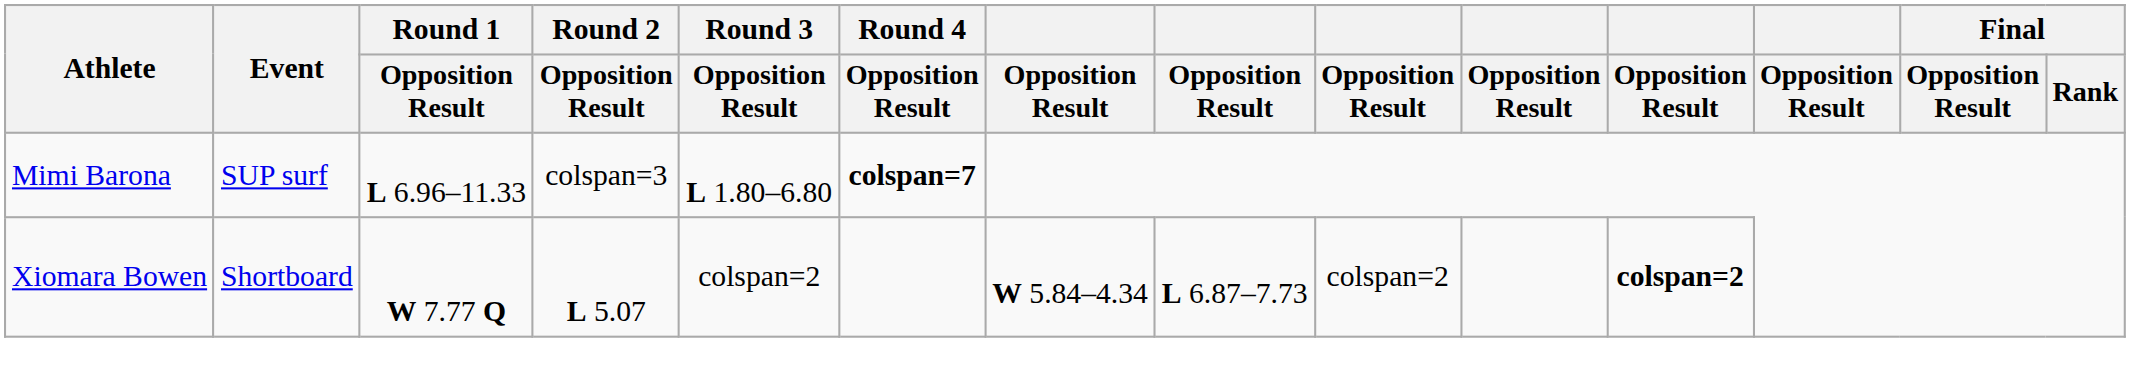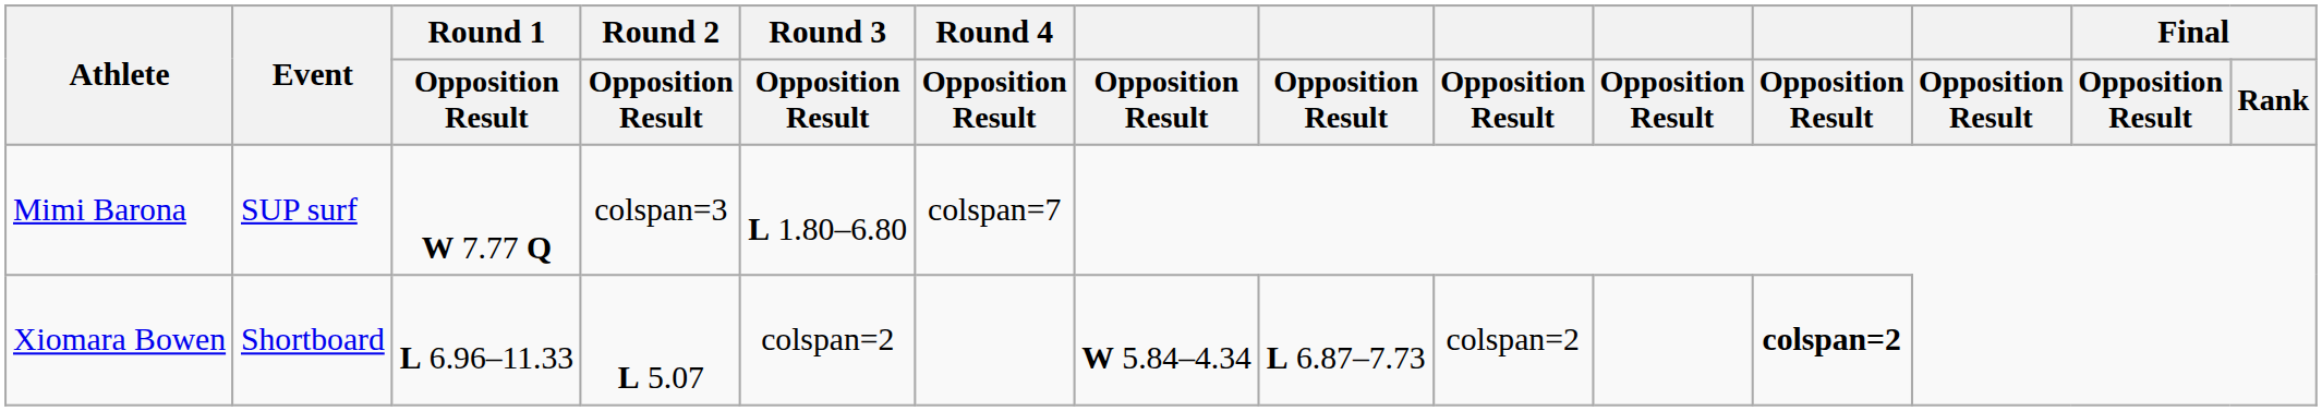 <table class=wikitable style=font-size:90%;text-align:center>
 <tr>
 <th rowspan=2>Athlete</th>
 <th rowspan=2>Event</th>
 <th>Round 1</th>
 <th>Round 2</th>
 <th>Round 3</th>
 <th>Round 4</th>
 <th></th>
 <th></th>
 <th></th>
 <th></th>
 <th></th>
 <th></th>
 <th colspan=2>Final</th>
 </tr>
 <tr style=font-size:95%>
 <th>Opposition<br>Result</th>
 <th>Opposition<br>Result</th>
 <th>Opposition<br>Result</th>
 <th>Opposition<br>Result</th>
 <th>Opposition<br>Result</th>
 <th>Opposition<br>Result</th>
 <th>Opposition<br>Result</th>
 <th>Opposition<br>Result</th>
 <th>Opposition<br>Result</th>
 <th>Opposition<br>Result</th>
 <th>Opposition<br>Result</th>
 <th>Rank</th>
 </tr>
 <tr align=center>
 <td align=left><a href='#'>Mimi Barona</a></td>
 <td align=left><a href='#'>SUP surf</a></td>
-<td><br><strong>L</strong> 6.96–11.33</td>
+<td><br><br><strong>W</strong> 7.77 <strong>Q</strong></td>
 <td>colspan=3 </td>
 <td><br><strong>L</strong> 1.80–6.80</td>
-<td><strong>colspan=7 </strong></td>
+<td>colspan=7 </td>
 </tr>
 <tr align=center>
 <td align=left><a href='#'>Xiomara Bowen</a></td>
 <td align=left><a href='#'>Shortboard</a></td>
-<td><br><br><strong>W</strong> 7.77 <strong>Q</strong></td>
+<td><br><strong>L</strong> 6.96–11.33</td>
 <td><br><br><strong>L</strong> 5.07</td>
 <td>colspan=2 </td>
 <td></td>
 <td><br><strong>W</strong> 5.84–4.34</td>
 <td><br><strong>L</strong> 6.87–7.73</td>
 <td>colspan=2 </td>
 <td></td>
 <td><strong>colspan=2 </strong></td>
 </tr>
 </table>
